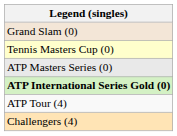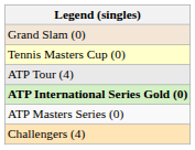 <table class="wikitable sortable mw-collapsible mw-collapsed">
 <tr>
 <th>Legend (singles)</th>
 </tr>
 <tr style="background:#f3e6d7;">
 <td>Grand Slam (0)</td>
 </tr>
 <tr style="background:#ffffcc;">
 <td>Tennis Masters Cup (0)</td>
 </tr>
 <tr style="background:#e9e9e9;">
-<td>ATP Masters Series (0)</td>
+<td>ATP Tour (4)</td>
 </tr>
 <tr style="background:#d4f1c5;">
 <td><strong>ATP International Series Gold (0)</strong></td>
 </tr>
 <tr>
-<td>ATP Tour (4)</td>
+<td>ATP Masters Series (0)</td>
 </tr>
 <tr bgcolor="moccasin">
 <td>Challengers (4)</td>
 </tr>
 </table>
